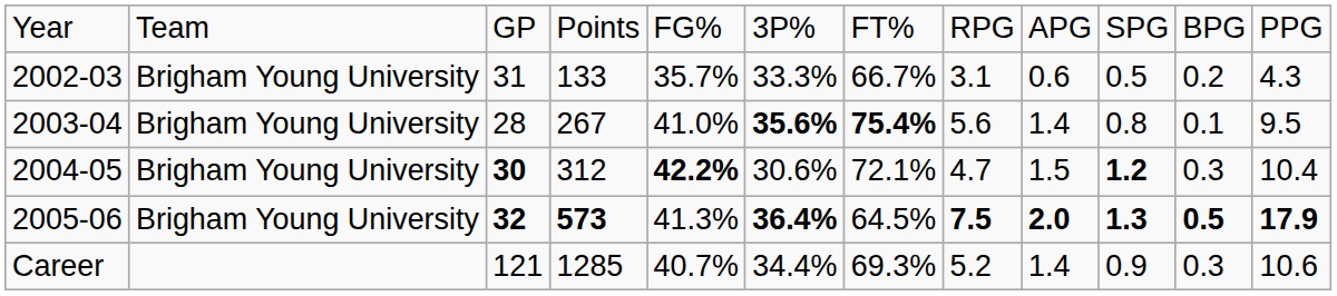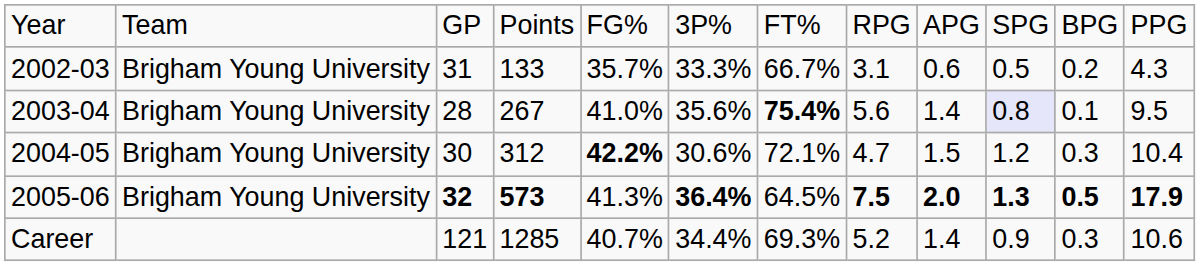 <table class="wikitable">
 <tr>
 <td>Year</td>
 <td>Team</td>
 <td>GP</td>
 <td>Points</td>
 <td>FG%</td>
 <td>3P%</td>
 <td>FT%</td>
 <td>RPG</td>
 <td>APG</td>
 <td>SPG</td>
 <td>BPG</td>
 <td>PPG</td>
 </tr>
 <tr>
 <td>2002-03</td>
 <td>Brigham Young University</td>
 <td>31</td>
 <td>133</td>
 <td>35.7%</td>
 <td>33.3%</td>
 <td>66.7%</td>
 <td>3.1</td>
 <td>0.6</td>
 <td>0.5</td>
 <td>0.2</td>
 <td>4.3</td>
 </tr>
 <tr>
 <td>2003-04</td>
 <td>Brigham Young University</td>
 <td>28</td>
 <td>267</td>
 <td>41.0%</td>
-<td><strong>35.6%</strong></td>
+<td>35.6%</td>
 <td><strong>75.4%</strong></td>
 <td>5.6</td>
 <td>1.4</td>
-<td>0.8</td>
+<td style="background: lavender;">0.8</td>
 <td>0.1</td>
 <td>9.5</td>
 </tr>
 <tr>
 <td>2004-05</td>
 <td>Brigham Young University</td>
-<td><strong>30</strong></td>
+<td>30</td>
 <td>312</td>
 <td><strong>42.2%</strong></td>
 <td>30.6%</td>
 <td>72.1%</td>
 <td>4.7</td>
 <td>1.5</td>
-<td><strong>1.2</strong></td>
+<td>1.2</td>
 <td>0.3</td>
 <td>10.4</td>
 </tr>
 <tr>
 <td>2005-06</td>
 <td>Brigham Young University</td>
 <td><strong>32</strong></td>
 <td><strong>573</strong></td>
 <td>41.3%</td>
 <td><strong>36.4%</strong></td>
 <td>64.5%</td>
 <td><strong>7.5</strong></td>
 <td><strong>2.0</strong></td>
 <td><strong>1.3</strong></td>
 <td><strong>0.5</strong></td>
 <td><strong>17.9</strong></td>
 </tr>
 <tr>
 <td>Career</td>
 <td></td>
 <td>121</td>
 <td>1285</td>
 <td>40.7%</td>
 <td>34.4%</td>
 <td>69.3%</td>
 <td>5.2</td>
 <td>1.4</td>
 <td>0.9</td>
 <td>0.3</td>
 <td>10.6</td>
 </tr>
 </table>
